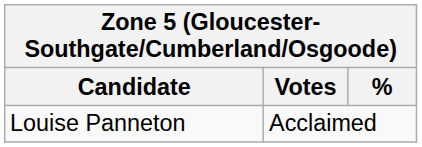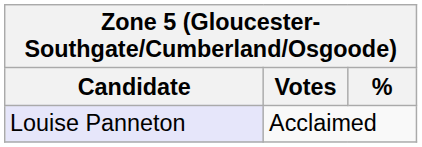 <table class="wikitable">
 <tr>
 <th colspan="3">Zone 5 (Gloucester-Southgate/Cumberland/Osgoode)</th>
 </tr>
 <tr>
 <th style="width: 170px">Candidate</th>
 <th style="width: 50px">Votes</th>
 <th style="width: 40px">%</th>
 </tr>
 <tr>
-<td>Louise Panneton</td>
+<td style="background: lavender;">Louise Panneton</td>
 <td colspan="2">Acclaimed</td>
 </tr>
 </table>
